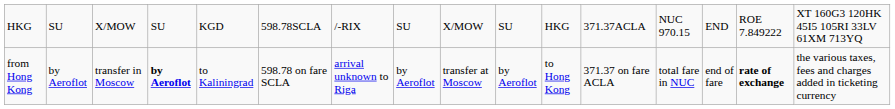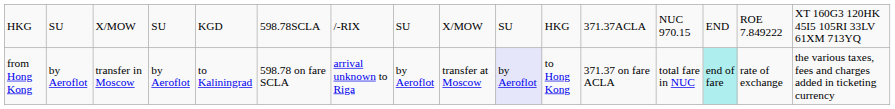 <table class=wikitable>
 <tr>
 <td>HKG</td>
 <td>SU</td>
 <td>X/MOW</td>
 <td>SU</td>
 <td>KGD</td>
 <td>598.78SCLA</td>
 <td>/-RIX</td>
 <td>SU</td>
 <td>X/MOW</td>
 <td>SU</td>
 <td>HKG</td>
 <td>371.37ACLA</td>
 <td>NUC 970.15</td>
 <td>END</td>
 <td>ROE 7.849222</td>
 <td>XT 160G3 120HK 45I5 105RI 33LV 61XM 713YQ</td>
 </tr>
 <tr>
 <td>from <a href='#'>Hong Kong</a></td>
 <td>by <a href='#'>Aeroflot</a></td>
 <td>transfer in <a href='#'>Moscow</a></td>
-<td><strong>by <a href='#'>Aeroflot</a></strong></td>
+<td>by <a href='#'>Aeroflot</a></td>
 <td>to <a href='#'>Kaliningrad</a></td>
 <td>598.78 on fare SCLA</td>
 <td><a href='#'>arrival unknown</a> to <a href='#'>Riga</a></td>
 <td>by <a href='#'>Aeroflot</a></td>
 <td>transfer at <a href='#'>Moscow</a></td>
-<td>by <a href='#'>Aeroflot</a></td>
+<td style="background: lavender;">by <a href='#'>Aeroflot</a></td>
 <td>to <a href='#'>Hong Kong</a></td>
 <td>371.37 on fare ACLA</td>
 <td>total fare in <a href='#'>NUC</a></td>
-<td>end of fare</td>
-<td><strong>rate of exchange</strong></td>
+<td style="background: paleturquoise;">end of fare</td>
+<td>rate of exchange</td>
 <td>the various taxes, fees and charges added in ticketing currency</td>
 </tr>
 </table>
